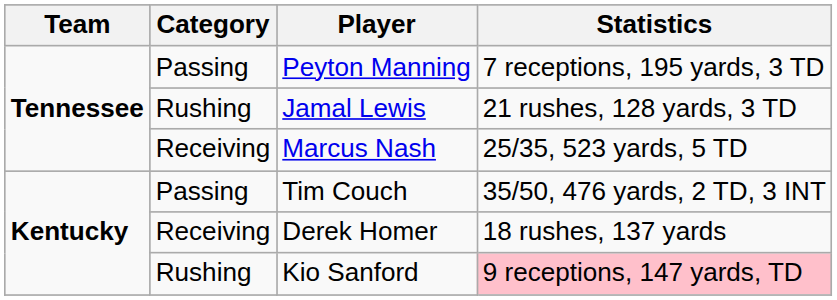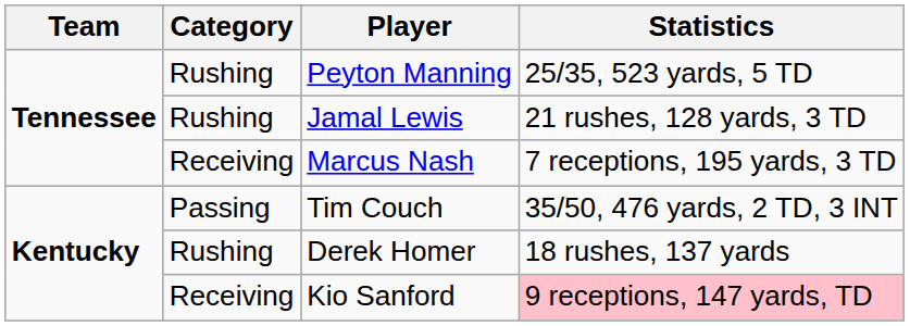 <table class="wikitable" style="float: left;">
 <tr>
 <th>Team</th>
 <th>Category</th>
 <th>Player</th>
 <th>Statistics</th>
 </tr>
 <tr>
 <td rowspan=3><strong>Tennessee</strong></td>
-<td>Passing</td>
+<td>Rushing</td>
 <td><a href='#'>Peyton Manning</a></td>
-<td>7 receptions, 195 yards, 3 TD</td>
+<td>25/35, 523 yards, 5 TD</td>
 </tr>
 <tr>
 <td>Rushing</td>
 <td><a href='#'>Jamal Lewis</a></td>
 <td>21 rushes, 128 yards, 3 TD</td>
 </tr>
 <tr>
 <td>Receiving</td>
 <td><a href='#'>Marcus Nash</a></td>
-<td>25/35, 523 yards, 5 TD</td>
+<td>7 receptions, 195 yards, 3 TD</td>
 </tr>
 <tr>
 <td rowspan=3><strong>Kentucky</strong></td>
 <td>Passing</td>
 <td>Tim Couch</td>
 <td>35/50, 476 yards, 2 TD, 3 INT</td>
 </tr>
 <tr>
-<td>Receiving</td>
+<td>Rushing</td>
 <td>Derek Homer</td>
 <td>18 rushes, 137 yards</td>
 </tr>
 <tr>
-<td>Rushing</td>
+<td>Receiving</td>
 <td>Kio Sanford</td>
 <td style="background: pink;">9 receptions, 147 yards, TD</td>
 </tr>
 </table>
